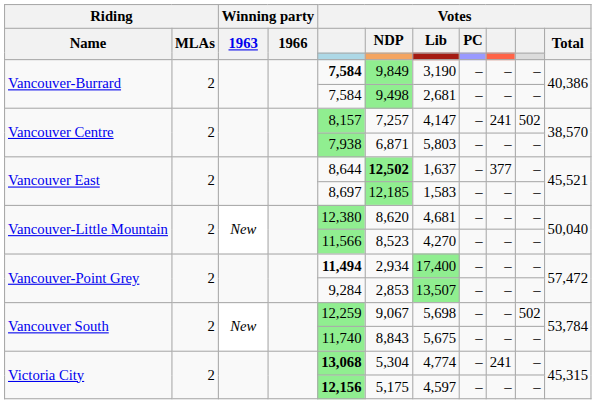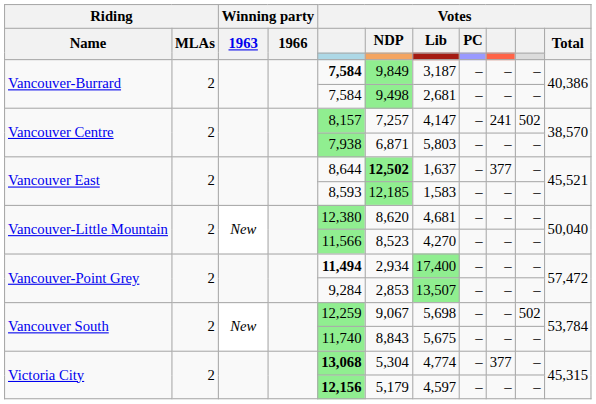 <table class="wikitable" style="text-align:right; font-size:85%">
 <tr>
 <th colspan="2">Riding</th>
 <th scope="col" colspan="2">Winning party</th>
 <th scope="col" colspan="7">Votes</th>
 </tr>
 <tr>
 <th rowspan="2">Name</th>
 <th rowspan="2">MLAs</th>
 <th rowspan="2"><strong><a href='#'>1963</a></strong></th>
 <th rowspan="2">1966</th>
 <th scope="col"></th>
 <th scope="col">NDP</th>
 <th scope="col">Lib</th>
 <th scope="col">PC</th>
 <th scope="col"></th>
 <th scope="col"></th>
 <th rowspan="2" scope="col">Total</th>
 </tr>
 <tr>
 <th scope="col" style="background-color:#ADD8E6;"></th>
 <th scope="col" style="background-color:#F4A460;"></th>
 <th scope="col" style="background-color:#A51B12;"></th>
 <th scope="col" style="background-color:#9999FF;"></th>
 <th scope="col" style="background-color:#FF6347;"></th>
 <th scope="col" style="background-color:#DCDCDC;"></th>
 </tr>
 <tr>
 <td rowspan="2" style="text-align:left"><a href='#'>Vancouver-Burrard</a></td>
 <td rowspan="2">2</td>
 <td rowspan="2"></td>
 <td rowspan="2"></td>
 <td><strong>7,584</strong></td>
 <td style="background-color:lightgreen;">9,849</td>
-<td>3,190</td>
+<td>3,187</td>
 <td>–</td>
 <td>–</td>
 <td>–</td>
 <td rowspan="2">40,386</td>
 </tr>
 <tr>
 <td>7,584</td>
 <td style="background-color:lightgreen;">9,498</td>
 <td>2,681</td>
 <td>–</td>
 <td>–</td>
 <td>–</td>
 </tr>
 <tr>
 <td rowspan="2" style="text-align:left"><a href='#'>Vancouver Centre</a></td>
 <td rowspan="2">2</td>
 <td rowspan="2"></td>
 <td rowspan="2"></td>
 <td style="background-color:lightgreen;">8,157</td>
 <td>7,257</td>
 <td>4,147</td>
 <td>–</td>
 <td>241</td>
 <td>502</td>
 <td rowspan="2">38,570</td>
 </tr>
 <tr>
 <td style="background-color:lightgreen;">7,938</td>
 <td>6,871</td>
 <td>5,803</td>
 <td>–</td>
 <td>–</td>
 <td>–</td>
 </tr>
 <tr – ||>
 <td rowspan="2" style="text-align:left"><a href='#'>Vancouver East</a></td>
 <td rowspan="2">2</td>
 <td rowspan="2"></td>
 <td rowspan="2"></td>
 <td>8,644</td>
 <td style="background-color:lightgreen;"><strong>12,502</strong></td>
 <td>1,637</td>
 <td>–</td>
 <td>377</td>
 <td>–</td>
 <td rowspan="2">45,521</td>
 </tr>
 <tr>
-<td>8,697</td>
+<td>8,593</td>
 <td style="background-color:lightgreen;">12,185</td>
 <td>1,583</td>
 <td>–</td>
 <td>–</td>
 <td>–</td>
 </tr>
 <tr>
 <td rowspan="2" style="text-align:left"><a href='#'>Vancouver-Little Mountain</a></td>
 <td rowspan="2">2</td>
 <td rowspan="2" style="background-color:#FFFFFF; text-align:center;"><em>New</em></td>
 <td rowspan="2"></td>
 <td style="background-color:lightgreen;">12,380</td>
 <td>8,620</td>
 <td>4,681</td>
 <td>–</td>
 <td>–</td>
 <td>–</td>
 <td rowspan="2">50,040</td>
 </tr>
 <tr>
 <td style="background-color:lightgreen;">11,566</td>
 <td>8,523</td>
 <td>4,270</td>
 <td>–</td>
 <td>–</td>
 <td>–</td>
 </tr>
 <tr>
 <td rowspan="2" style="text-align:left"><a href='#'>Vancouver-Point Grey</a></td>
 <td rowspan="2">2</td>
 <td rowspan="2"></td>
 <td rowspan="2"></td>
 <td><strong>11,494</strong></td>
 <td>2,934</td>
 <td style="background-color:lightgreen;">17,400</td>
 <td>–</td>
 <td>–</td>
 <td>–</td>
 <td rowspan="2">57,472</td>
 </tr>
 <tr>
 <td>9,284</td>
 <td>2,853</td>
 <td style="background-color:lightgreen;">13,507</td>
 <td>–</td>
 <td>–</td>
 <td>–</td>
 </tr>
 <tr>
 <td rowspan="2" style="text-align:left"><a href='#'>Vancouver South</a></td>
 <td rowspan="2">2</td>
 <td rowspan="2" style="background-color:#FFFFFF; text-align:center;"><em>New</em></td>
 <td rowspan="2"></td>
 <td style="background-color:lightgreen;">12,259</td>
 <td>9,067</td>
 <td>5,698</td>
 <td>–</td>
 <td>–</td>
 <td>502</td>
 <td rowspan="2">53,784</td>
 </tr>
 <tr>
 <td style="background-color:lightgreen;">11,740</td>
 <td>8,843</td>
 <td>5,675</td>
 <td>–</td>
 <td>–</td>
 <td>–</td>
 </tr>
 <tr>
 <td rowspan="2" style="text-align:left"><a href='#'>Victoria City</a></td>
 <td rowspan="2">2</td>
 <td rowspan="2"></td>
 <td rowspan="2"></td>
 <td style="background-color:lightgreen;"><strong>13,068</strong></td>
 <td>5,304</td>
 <td>4,774</td>
 <td>–</td>
-<td>241</td>
+<td>377</td>
 <td>–</td>
 <td rowspan="2">45,315</td>
 </tr>
 <tr>
 <td style="background-color:lightgreen;"><strong>12,156</strong></td>
-<td>5,175</td>
+<td>5,179</td>
 <td>4,597</td>
 <td>–</td>
 <td>–</td>
 <td>–</td>
 </tr>
 </table>
